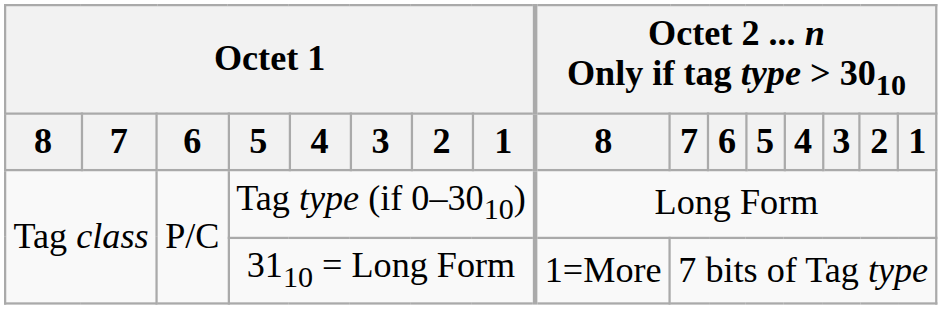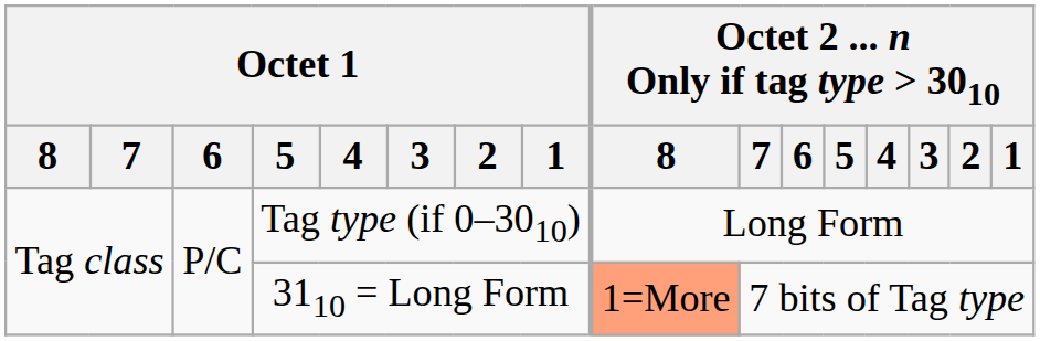 <table class="wikitable" style="text-align:center;">
 <tr>
 <th colspan=8>Octet 1</th>
 <th colspan=8 style="border-left: solid #aaa 2px">Octet 2 ... <em>n</em><br><span>Only if tag <em>type</em> > 30<sub>10</sub></span></th>
 </tr>
 <tr>
 <th>8</th>
 <th>7</th>
 <th>6</th>
 <th>5</th>
 <th>4</th>
 <th>3</th>
 <th>2</th>
 <th>1</th>
 <th style="border-left: solid #aaa 2px">8</th>
 <th>7</th>
 <th>6</th>
 <th>5</th>
 <th>4</th>
 <th>3</th>
 <th>2</th>
 <th>1</th>
 </tr>
 <tr>
 <td rowspan=2 colspan=2>Tag <em>class</em></td>
 <td rowspan=2>P/C</td>
 <td colspan=5 style="border-right: solid #aaa 2px">Tag <em>type</em> (if 0–30<sub>10</sub>)</td>
 <td colspan=8>Long Form</td>
 </tr>
 <tr>
 <td colspan=5>31<sub>10</sub> = Long Form</td>
-<td style="border-left: solid #aaa 2px">1=More</td>
+<td style="background: lightsalmon; border-left: solid #aaa 2px">1=More</td>
 <td colspan=7>7 bits of Tag <em>type</em></td>
 </tr>
 </table>
